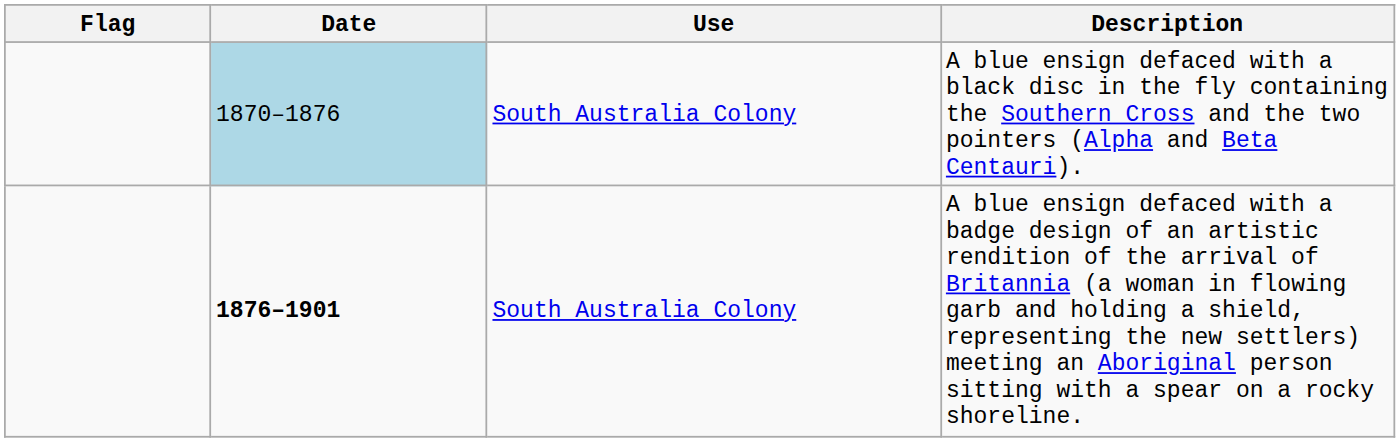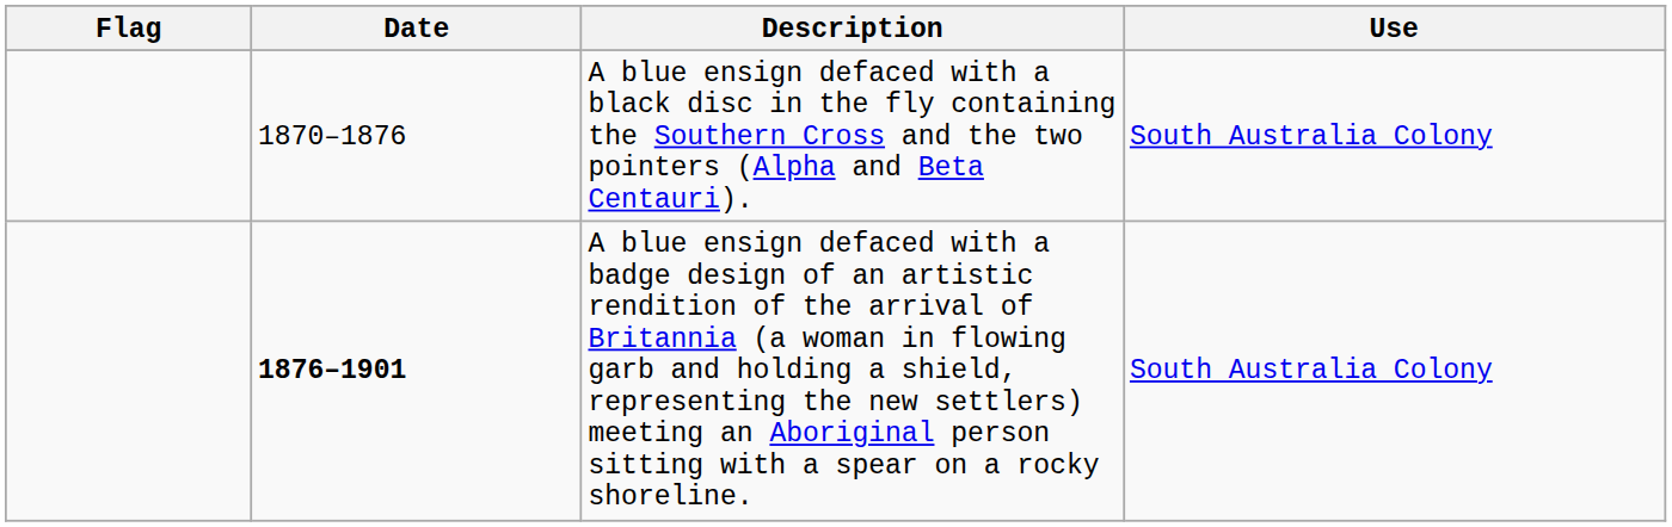 <table class="wikitable">
 <tr style="background:#efefef;">
 <th style="width:110px;">Flag</th>
 <th style="width:150px;">Date</th>
+<th style="width:250px;">Description</th>
 <th style="width:250px;">Use</th>
-<th style="width:250px;">Description</th>
 </tr>
 <tr>
 <td></td>
-<td style="background: lightblue;">1870–1876</td>
+<td>1870–1876</td>
+<td>A blue ensign defaced with a black disc in the fly containing the <a href='#'>Southern Cross</a> and the two pointers (<a href='#'>Alpha</a> and <a href='#'>Beta Centauri</a>).</td>
 <td><a href='#'>South Australia Colony</a></td>
-<td>A blue ensign defaced with a black disc in the fly containing the <a href='#'>Southern Cross</a> and the two pointers (<a href='#'>Alpha</a> and <a href='#'>Beta Centauri</a>).</td>
 </tr>
 <tr>
 <td></td>
 <td><strong>1876–1901</strong></td>
+<td>A blue ensign defaced with a badge design of an artistic rendition of the arrival of <a href='#'>Britannia</a> (a woman in flowing garb and holding a shield, representing the new settlers) meeting an <a href='#'>Aboriginal</a> person sitting with a spear on a rocky shoreline.</td>
 <td><a href='#'>South Australia Colony</a></td>
-<td>A blue ensign defaced with a badge design of an artistic rendition of the arrival of <a href='#'>Britannia</a> (a woman in flowing garb and holding a shield, representing the new settlers) meeting an <a href='#'>Aboriginal</a> person sitting with a spear on a rocky shoreline.</td>
 </tr>
 </table>
